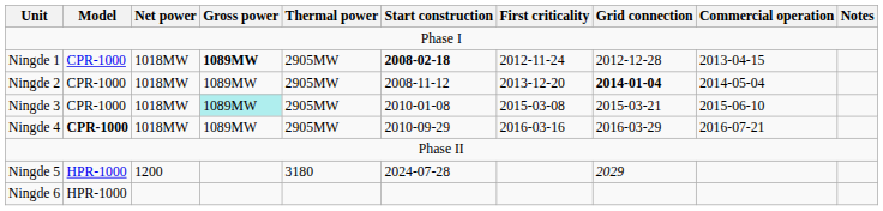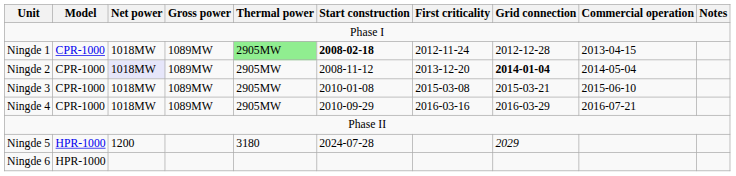 <table class="wikitable">
 <tr>
 <th>Unit</th>
 <th>Model</th>
 <th>Net power</th>
 <th>Gross power</th>
 <th>Thermal power</th>
 <th>Start construction</th>
 <th>First criticality</th>
 <th>Grid connection</th>
 <th>Commercial operation</th>
 <th>Notes</th>
 </tr>
 <tr>
 <td colspan="10" align="center">Phase I</td>
 </tr>
 <tr>
 <td>Ningde 1</td>
 <td><a href='#'>CPR-1000</a></td>
 <td>1018MW</td>
-<td><strong>1089MW</strong></td>
-<td>2905MW</td>
+<td>1089MW</td>
+<td style="background: lightgreen;">2905MW</td>
 <td><strong>2008-02-18</strong></td>
 <td>2012-11-24</td>
 <td>2012-12-28</td>
 <td>2013-04-15</td>
 <td></td>
 </tr>
 <tr>
 <td>Ningde 2</td>
 <td>CPR-1000</td>
-<td>1018MW</td>
+<td style="background: lavender;">1018MW</td>
 <td>1089MW</td>
 <td>2905MW</td>
 <td>2008-11-12</td>
 <td>2013-12-20</td>
 <td><strong>2014-01-04</strong></td>
 <td>2014-05-04</td>
 <td></td>
 </tr>
 <tr>
 <td>Ningde 3</td>
 <td>CPR-1000</td>
 <td>1018MW</td>
-<td style="background: paleturquoise;">1089MW</td>
+<td>1089MW</td>
 <td>2905MW</td>
 <td>2010-01-08</td>
 <td>2015-03-08</td>
 <td>2015-03-21</td>
 <td>2015-06-10</td>
 <td></td>
 </tr>
 <tr>
 <td>Ningde 4</td>
-<td><strong>CPR-1000</strong></td>
+<td>CPR-1000</td>
 <td>1018MW</td>
 <td>1089MW</td>
 <td>2905MW</td>
 <td>2010-09-29</td>
 <td>2016-03-16</td>
 <td>2016-03-29</td>
 <td>2016-07-21</td>
 <td></td>
 </tr>
 <tr>
 <td colspan="10" align="center">Phase II</td>
 </tr>
 <tr>
 <td>Ningde 5</td>
 <td><a href='#'>HPR-1000</a></td>
 <td>1200</td>
 <td></td>
 <td>3180</td>
 <td>2024-07-28</td>
 <td></td>
 <td><em>2029</em></td>
 <td></td>
 <td></td>
 </tr>
 <tr>
 <td>Ningde 6</td>
 <td>HPR-1000</td>
 <td></td>
 <td></td>
 <td></td>
 <td></td>
 <td></td>
 <td></td>
 <td></td>
 <td></td>
 </tr>
 </table>
